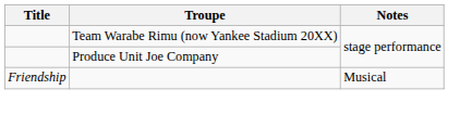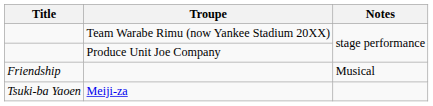 <table class="wikitable">
 <tr>
 <th>Title</th>
 <th>Troupe</th>
 <th>Notes</th>
 </tr>
 <tr>
 <td></td>
 <td>Team Warabe Rimu (now Yankee Stadium 20XX)</td>
 <td rowspan="2">stage performance</td>
 </tr>
 <tr>
 <td></td>
 <td>Produce Unit Joe Company</td>
 </tr>
 <tr>
 <td><em>Friendship</em></td>
 <td></td>
 <td>Musical</td>
 </tr>
+<tr>
+<td><em>Tsuki-ba Yaoen</em></td>
+<td><a href='#'>Meiji-za</a></td>
+<td></td>
+</tr>
 </table>
